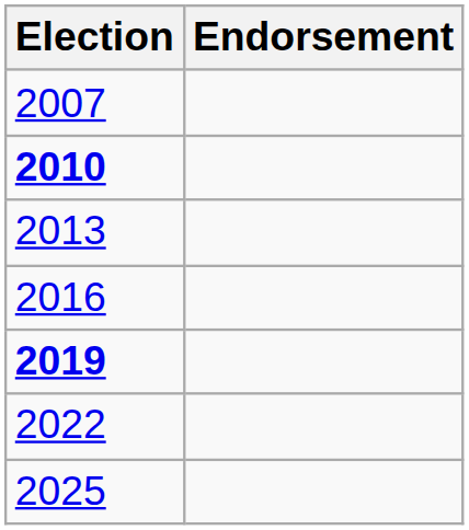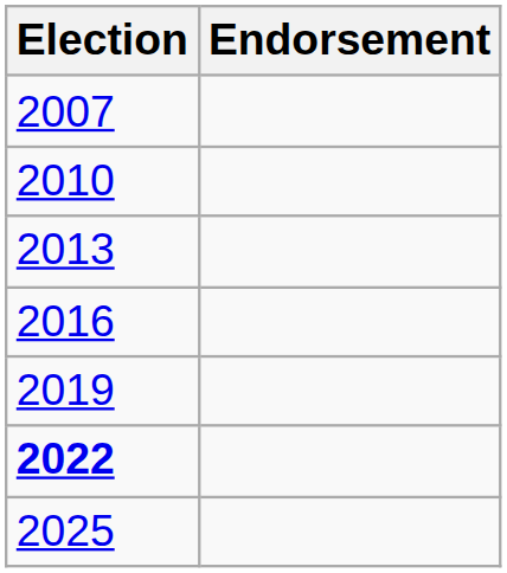 <table class="wikitable">
 <tr>
 <th>Election</th>
 <th colspan="2">Endorsement</th>
 </tr>
 <tr>
 <td><a href='#'>2007</a></td>
 <td></td>
 </tr>
 <tr>
-<td><strong><a href='#'>2010</a></strong></td>
+<td><a href='#'>2010</a></td>
 <td></td>
 </tr>
 <tr>
 <td><a href='#'>2013</a></td>
 <td></td>
 </tr>
 <tr>
 <td><a href='#'>2016</a></td>
 <td></td>
 </tr>
 <tr>
-<td><strong><a href='#'>2019</a></strong></td>
+<td><a href='#'>2019</a></td>
 <td></td>
 </tr>
 <tr>
-<td><a href='#'>2022</a></td>
+<td><strong><a href='#'>2022</a></strong></td>
 <td></td>
 </tr>
 <tr>
 <td><a href='#'>2025</a></td>
 <td></td>
 </tr>
 </table>
